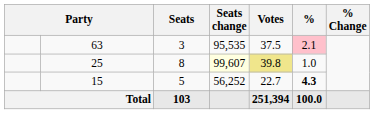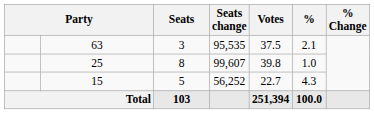 <table class="wikitable sortable">
 <tr>
 <th style="width:200px" colspan=2>Party</th>
 <th style="width:70px;">Seats</th>
 <th style="width:40px;">Seats change</th>
 <th style="width:40px;">Votes</th>
 <th style="width:40px;">%</th>
 <th style="width:40px;">% Change</th>
 </tr>
 <tr>
 <td></td>
 <td align=center>63</td>
 <td align=center>3</td>
 <td align=center>95,535</td>
 <td align=center>37.5</td>
-<td align=center style="background: pink;">2.1</td>
+<td align=center>2.1</td>
 </tr>
 <tr>
 <td></td>
 <td align="center">25</td>
 <td align="center">8</td>
-<td align="center" style="background: lightyellow;">99,607</td>
-<td align="center" style="background: khaki;">39.8</td>
+<td align="center">99,607</td>
+<td align="center">39.8</td>
 <td align="center">1.0</td>
 </tr>
 <tr>
 <td></td>
 <td align=center>15</td>
 <td align=center>5</td>
 <td align=center>56,252</td>
 <td align=center>22.7</td>
-<td align=center><strong>4.3</strong></td>
+<td align=center>4.3</td>
 </tr>
 <tr style="font-weight:bold; background:rgb(232,232,232);">
 <th colspan=2 style=text-align:right>Total</th>
 <td align=center>103</td>
 <td></td>
 <td align=center>251,394</td>
 <td align=center>100.0</td>
 <td align=center></td>
 </tr>
 </table>
